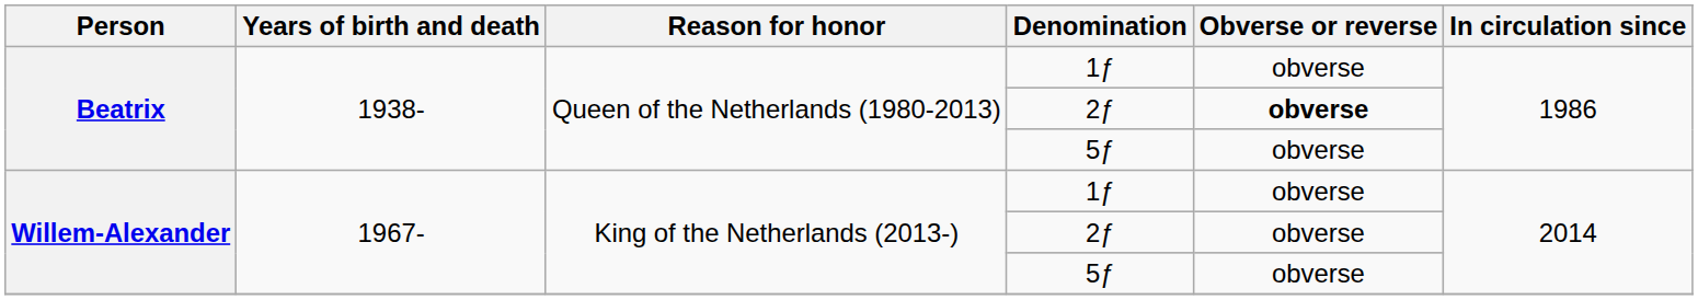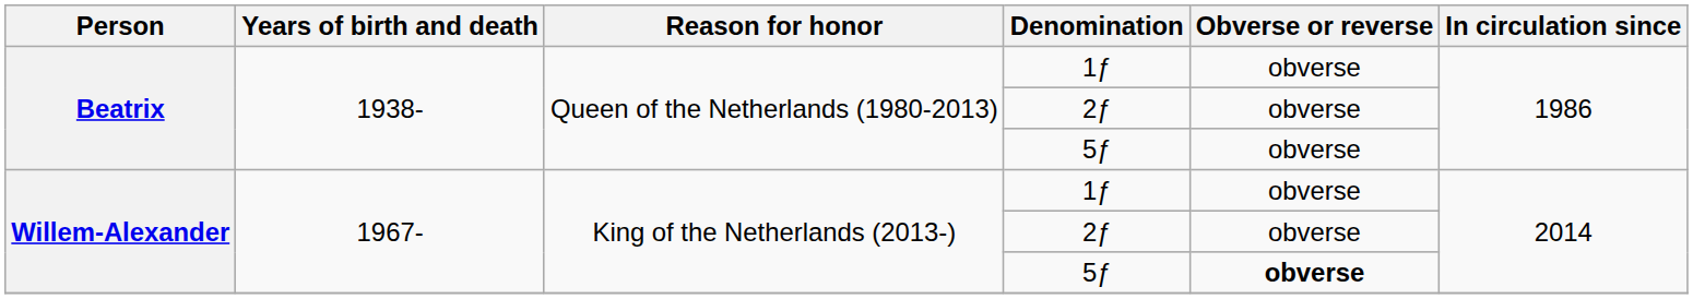 <table class="wikitable" style="font-size:95%; text-align:center;">
 <tr>
 <th>Person</th>
 <th>Years of birth and death</th>
 <th>Reason for honor</th>
 <th>Denomination</th>
 <th>Obverse or reverse</th>
 <th>In circulation since</th>
 </tr>
 <tr>
 <th rowspan="3"><a href='#'>Beatrix</a></th>
 <td rowspan="3">1938-</td>
 <td rowspan="3">Queen of the Netherlands (1980-2013)</td>
 <td>1ƒ</td>
 <td>obverse</td>
 <td rowspan="3">1986</td>
 </tr>
 <tr>
 <td>2<small></small>ƒ</td>
-<td><strong>obverse</strong></td>
+<td>obverse</td>
 </tr>
 <tr>
 <td>5ƒ</td>
 <td>obverse</td>
 </tr>
 <tr>
 <th rowspan="3"><a href='#'>Willem-Alexander</a></th>
 <td rowspan="3">1967-</td>
 <td rowspan="3">King of the Netherlands (2013-)</td>
 <td>1ƒ</td>
 <td>obverse</td>
 <td rowspan="3">2014</td>
 </tr>
 <tr>
 <td>2<small></small>ƒ</td>
 <td>obverse</td>
 </tr>
 <tr>
 <td>5ƒ</td>
-<td>obverse</td>
+<td><strong>obverse</strong></td>
 </tr>
 <tr>
 </tr>
 </table>
